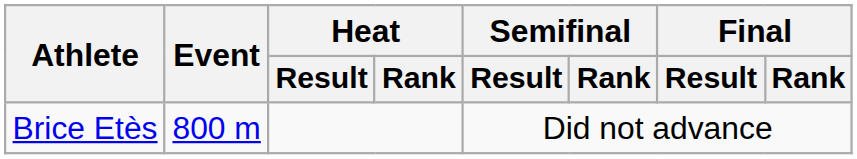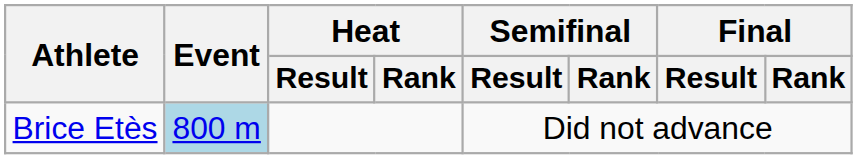 <table class="wikitable" style="font-size:90%">
 <tr>
 <th rowspan="2">Athlete</th>
 <th rowspan="2">Event</th>
 <th colspan="2">Heat</th>
 <th colspan="2">Semifinal</th>
 <th colspan="2">Final</th>
 </tr>
 <tr style="font-size:95%">
 <th>Result</th>
 <th>Rank</th>
 <th>Result</th>
 <th>Rank</th>
 <th>Result</th>
 <th>Rank</th>
 </tr>
 <tr align=center>
 <td align=left><a href='#'>Brice Etès</a></td>
-<td align=left><a href='#'>800 m</a></td>
+<td align=left style="background: lightblue;"><a href='#'>800 m</a></td>
 <td colspan=2></td>
 <td colspan=4>Did not advance</td>
 </tr>
 </table>
